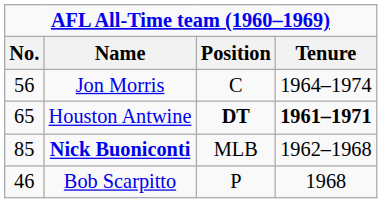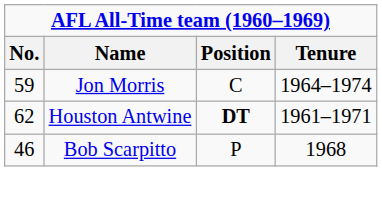 <table class="wikitable" style="text-align:center">
 <tr>
 <td colspan="4"><strong><a href='#'><span><u>AFL All-Time team (1960–1969)</u></span></a></strong></td>
 </tr>
 <tr>
 <th>No.</th>
 <th>Name</th>
 <th>Position</th>
 <th>Tenure</th>
 </tr>
 <tr>
-<td>56</td>
+<td>59</td>
 <td><a href='#'>Jon Morris</a></td>
 <td>C</td>
 <td>1964–1974</td>
 </tr>
 <tr>
-<td>65</td>
+<td>62</td>
 <td><a href='#'>Houston Antwine</a></td>
 <td><strong>DT</strong></td>
-<td><strong>1961–1971</strong></td>
-</tr>
-<tr>
-<td>85</td>
-<td><strong><a href='#'>Nick Buoniconti</a></strong></td>
-<td>MLB</td>
-<td>1962–1968</td>
+<td>1961–1971</td>
 </tr>
 <tr>
 <td>46</td>
 <td><a href='#'>Bob Scarpitto</a></td>
 <td>P</td>
 <td>1968</td>
 </tr>
 </table>
